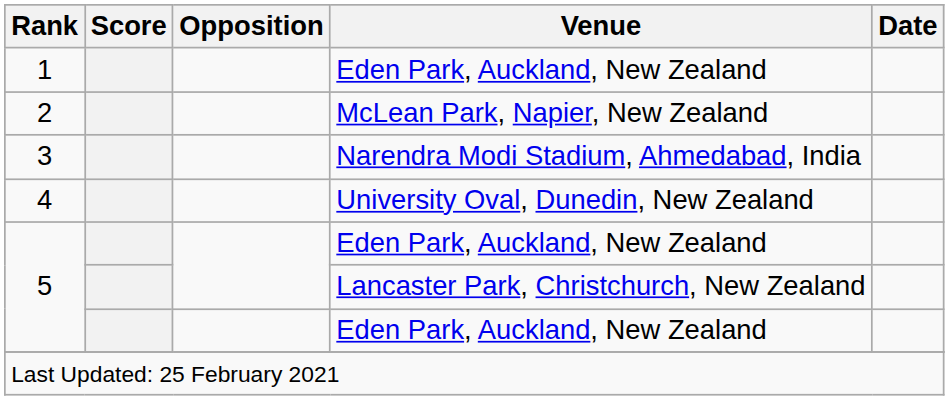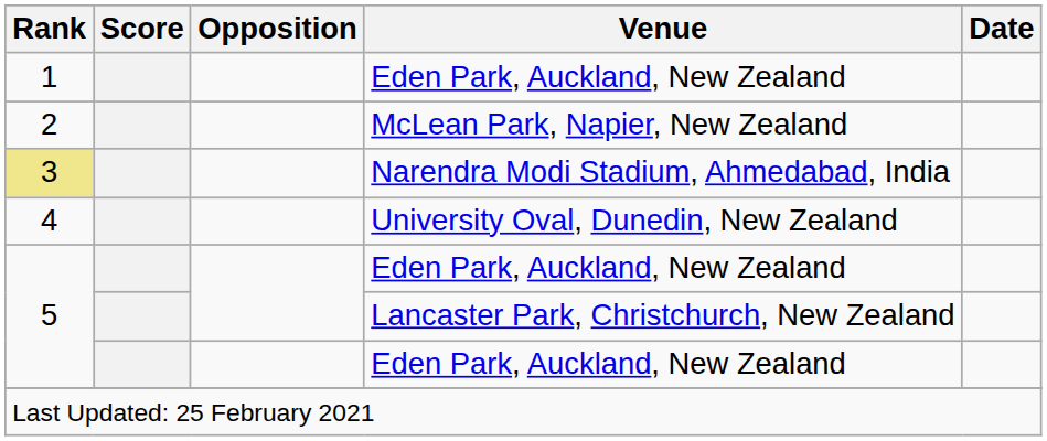 <table class="wikitable plainrowheaders sortable">
 <tr>
 <th scope=col>Rank</th>
 <th scope=col>Score</th>
 <th scope=col>Opposition</th>
 <th scope=col>Venue</th>
 <th scope=col>Date</th>
 </tr>
 <tr>
 <td align=center>1</td>
 <th scope=row style=text-align:center;></th>
 <td></td>
 <td><a href='#'>Eden Park</a>, <a href='#'>Auckland</a>, New Zealand</td>
 <td></td>
 </tr>
 <tr>
 <td align=center>2</td>
 <th scope=row style=text-align:center;></th>
 <td></td>
 <td><a href='#'>McLean Park</a>, <a href='#'>Napier</a>, New Zealand</td>
 <td></td>
 </tr>
 <tr>
-<td align=center>3</td>
+<td align=center style="background: khaki;">3</td>
 <th scope=row style=text-align:center;></th>
 <td></td>
 <td><a href='#'>Narendra Modi Stadium</a>, <a href='#'>Ahmedabad</a>, India</td>
 <td></td>
 </tr>
 <tr>
 <td align=center>4</td>
 <th scope=row style=text-align:center;></th>
 <td></td>
 <td><a href='#'>University Oval</a>, <a href='#'>Dunedin</a>, New Zealand</td>
 <td></td>
 </tr>
 <tr>
 <td align=center rowspan=3>5</td>
 <th scope=row style=text-align:center;></th>
 <td rowspan=2></td>
 <td><a href='#'>Eden Park</a>, <a href='#'>Auckland</a>, New Zealand</td>
 <td></td>
 </tr>
 <tr>
 <th scope=row style=text-align:center;></th>
 <td><a href='#'>Lancaster Park</a>, <a href='#'>Christchurch</a>, New Zealand</td>
 <td></td>
 </tr>
 <tr>
 <th scope=row style=text-align:center;></th>
 <td></td>
 <td><a href='#'>Eden Park</a>, <a href='#'>Auckland</a>, New Zealand</td>
 <td></td>
 </tr>
 <tr>
 </tr>
 <tr class=sortbottom>
 <td colspan=5><small>Last Updated: 25 February 2021</small></td>
 </tr>
 </table>
